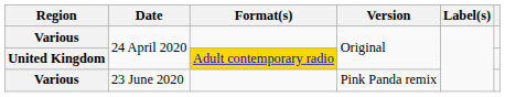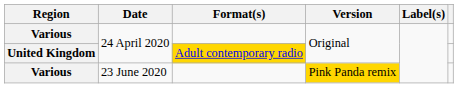 <table class="wikitable plainrowheaders">
 <tr>
 <th scope="col">Region</th>
 <th scope="col">Date</th>
 <th scope="col">Format(s)</th>
 <th scope="col">Version</th>
 <th scope="col">Label(s)</th>
 <th scope="col"></th>
 </tr>
 <tr>
 <th scope="row">Various</th>
 <td rowspan="2">24 April 2020</td>
 <td></td>
 <td rowspan="2">Original</td>
 <td rowspan="3"></td>
 <td style="text-align:center;"></td>
 </tr>
 <tr>
 <th scope="row">United Kingdom</th>
 <td style="background: gold;"><a href='#'>Adult contemporary radio</a></td>
 <td style="text-align:center;"></td>
 </tr>
 <tr>
 <th scope="row">Various</th>
 <td>23 June 2020</td>
 <td></td>
-<td>Pink Panda remix</td>
+<td style="background: gold;">Pink Panda remix</td>
 <td style="text-align:center;"></td>
 </tr>
 </table>
